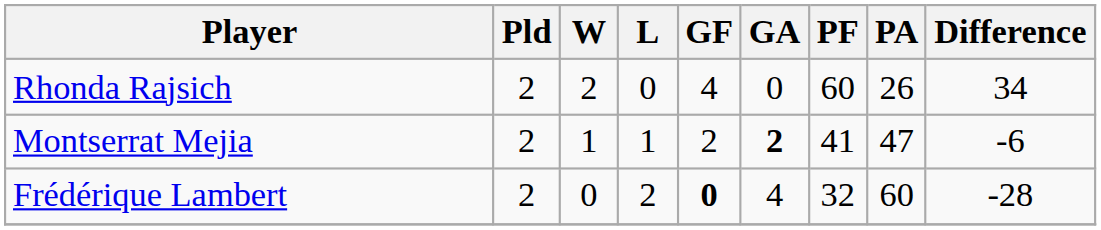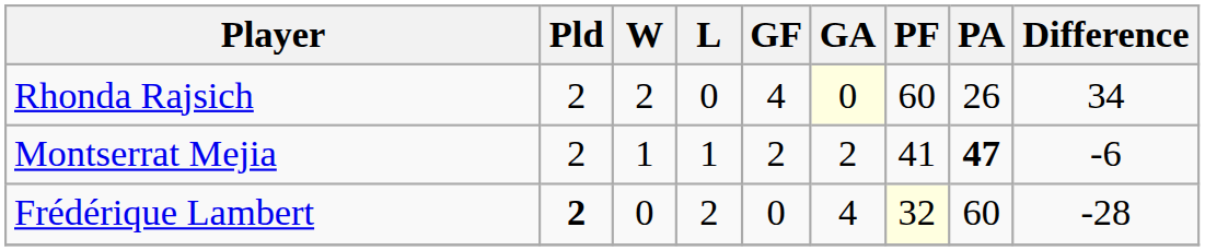 <table class=wikitable style="text-align:center">
 <tr>
 <th width=220>Player</th>
 <th width=20>Pld</th>
 <th width=20>W</th>
 <th width=20>L</th>
 <th width=20>GF</th>
 <th width=20>GA</th>
 <th width=20>PF</th>
 <th width=20>PA</th>
 <th width=30>Difference</th>
 </tr>
 <tr>
 <td align=left> <a href='#'>Rhonda Rajsich</a></td>
 <td>2</td>
 <td>2</td>
 <td>0</td>
 <td>4</td>
-<td>0</td>
+<td style="background: lightyellow;">0</td>
 <td>60</td>
 <td>26</td>
 <td>34</td>
 </tr>
 <tr>
 <td align=left> <a href='#'>Montserrat Mejia</a></td>
 <td>2</td>
 <td>1</td>
 <td>1</td>
 <td>2</td>
-<td><strong>2</strong></td>
+<td>2</td>
 <td>41</td>
-<td>47</td>
+<td><strong>47</strong></td>
 <td>-6</td>
 </tr>
 <tr>
 <td align=left> <a href='#'>Frédérique Lambert</a></td>
+<td><strong>2</strong></td>
+<td>0</td>
 <td>2</td>
 <td>0</td>
-<td>2</td>
-<td><strong>0</strong></td>
 <td>4</td>
-<td>32</td>
+<td style="background: lightyellow;">32</td>
 <td>60</td>
 <td>-28</td>
 </tr>
 <tr>
 </tr>
 </table>
